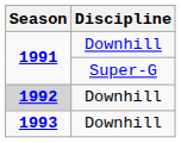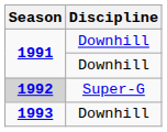 <table class=wikitable style="text-align:center">
 <tr>
 <th>Season</th>
 <th>Discipline</th>
 </tr>
 <tr>
 <td rowspan=2><strong><a href='#'>1991</a></strong></td>
 <td><a href='#'>Downhill</a></td>
 </tr>
 <tr>
-<td><a href='#'>Super-G</a></td>
+<td>Downhill</td>
 </tr>
 <tr>
 <td style="background: lightgrey;"><strong><a href='#'>1992</a></strong></td>
-<td>Downhill</td>
+<td><a href='#'>Super-G</a></td>
 </tr>
 <tr>
 <td><strong><a href='#'>1993</a></strong></td>
 <td>Downhill</td>
 </tr>
 </table>
